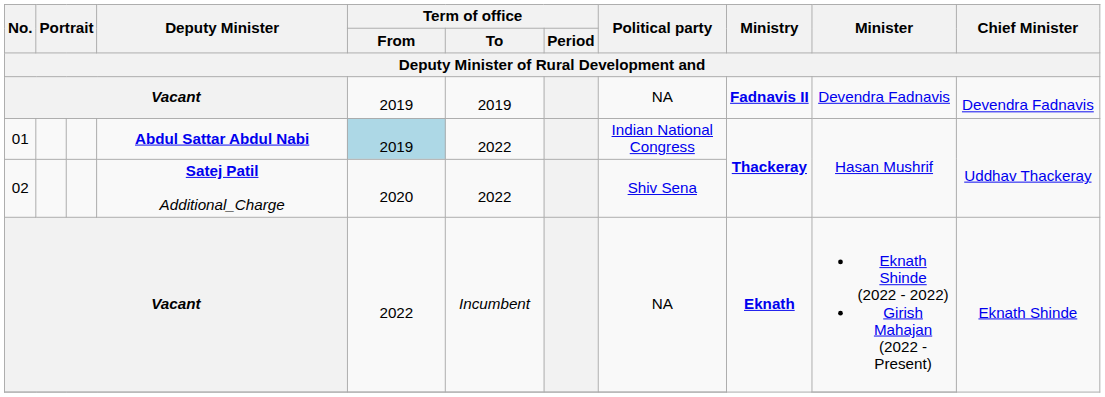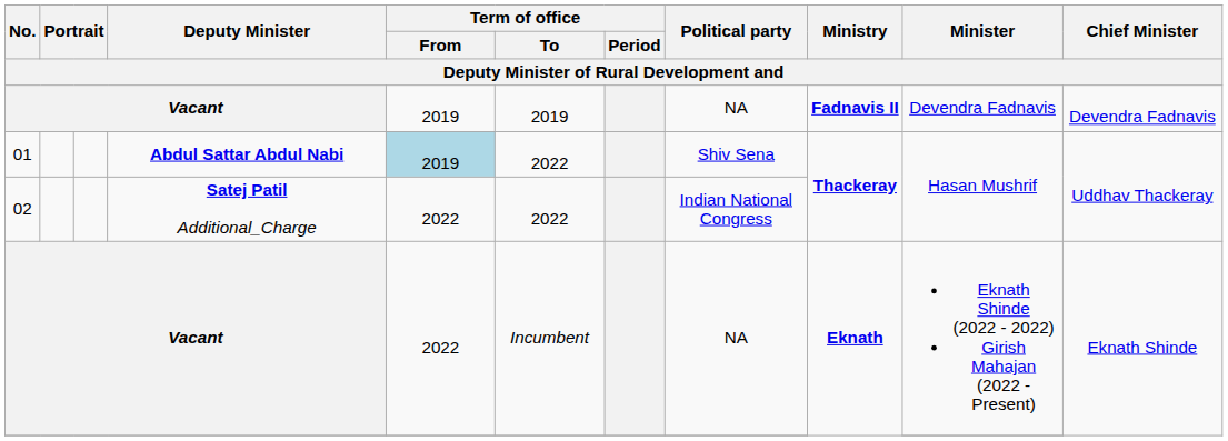 <table class="wikitable" style="text-align:center">
 <tr>
 <th rowspan="2">No.</th>
 <th rowspan="2" colspan="2">Portrait</th>
 <th rowspan="2" style="width:16em">Deputy Minister<br></th>
 <th colspan="3">Term of office</th>
 <th rowspan="2" style="width:8em">Political party</th>
 <th rowspan="2">Ministry</th>
 <th rowspan="2" style="width:9em">Minister</th>
 <th rowspan="2" style="width:9em">Chief Minister</th>
 </tr>
 <tr>
 <th style="width:6em">From</th>
 <th style="width:6em">To</th>
 <th>Period</th>
 </tr>
 <tr>
 <th colspan="11">Deputy Minister of Rural Development and</th>
 </tr>
 <tr>
 <th colspan="04"><strong><em>Vacant</em></strong></th>
 <td><br>2019</td>
 <td><br>2019</td>
 <th></th>
 <td>NA</td>
 <td rowspan="1"><a href='#'><strong>Fadnavis II</strong></a></td>
 <td><a href='#'>Devendra Fadnavis</a></td>
 <td rowspan="1"> <br><a href='#'>Devendra Fadnavis</a></td>
 </tr>
 <tr>
 <td>01</td>
 <td style="color:inherit;background:"></td>
 <td></td>
 <td><strong><a href='#'>Abdul Sattar Abdul Nabi</a></strong> <br> </td>
 <td style="background: lightblue;"><br>2019</td>
 <td><br>2022</td>
 <th></th>
-<td><a href='#'>Indian National Congress</a></td>
+<td><a href='#'>Shiv Sena</a></td>
 <td rowspan="2"><a href='#'><strong>Thackeray</strong></a></td>
 <td rowspan="2"><a href='#'>Hasan Mushrif</a></td>
 <td rowspan="2"> <br><a href='#'>Uddhav Thackeray</a></td>
 </tr>
 <tr>
 <td>02</td>
 <td style="color:inherit;background:"></td>
 <td></td>
 <td><strong><a href='#'>Satej Patil</a></strong> <br> <br><em>Additional_Charge</em></td>
-<td><br>2020</td>
+<td><br>2022</td>
 <td><br>2022</td>
 <th></th>
-<td><a href='#'>Shiv Sena</a></td>
+<td><a href='#'>Indian National Congress</a></td>
 </tr>
 <tr>
 <th colspan="04"><strong><em>Vacant</em></strong></th>
 <td><br>2022</td>
 <td><em>Incumbent</em></td>
 <th></th>
 <td>NA</td>
 <td rowspan="2"><a href='#'><strong>Eknath</strong></a></td>
 <td><br><ul><li><a href='#'>Eknath Shinde</a><br>(2022 - 2022)</li><li><a href='#'>Girish Mahajan</a><br> (2022 - Present)</li></ul></td>
 <td rowspan="2"> <br><a href='#'>Eknath Shinde</a></td>
 </tr>
 <tr>
 </tr>
 </table>
